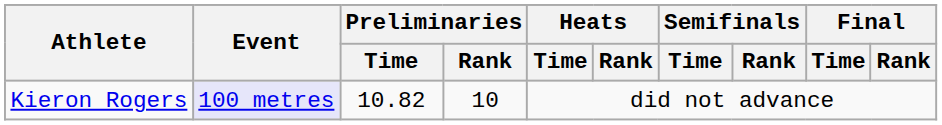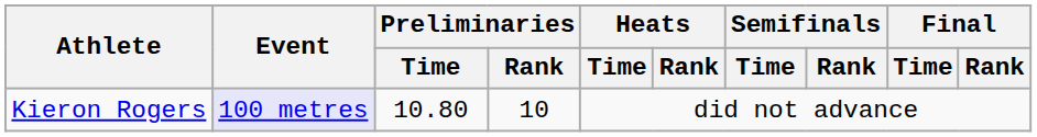 <table class=wikitable style="font-size:90%;">
 <tr>
 <th rowspan=2>Athlete</th>
 <th rowspan=2>Event</th>
 <th colspan=2>Preliminaries</th>
 <th colspan=2>Heats</th>
 <th colspan=2>Semifinals</th>
 <th colspan=2>Final</th>
 </tr>
 <tr>
 <th>Time</th>
 <th>Rank</th>
 <th>Time</th>
 <th>Rank</th>
 <th>Time</th>
 <th>Rank</th>
 <th>Time</th>
 <th>Rank</th>
 </tr>
 <tr>
 <td><a href='#'>Kieron Rogers</a></td>
 <td style="background: lavender;"><a href='#'>100 metres</a></td>
-<td align="center">10.82</td>
+<td align="center">10.80</td>
 <td align="center">10</td>
 <td align="center" colspan=6>did not advance</td>
 </tr>
 </table>
